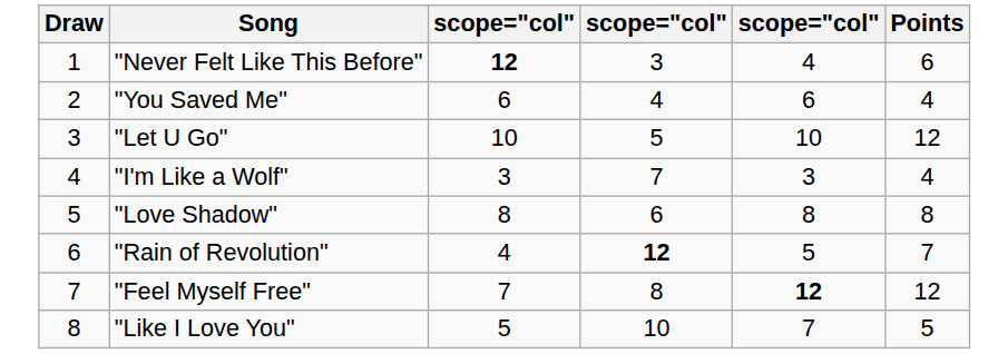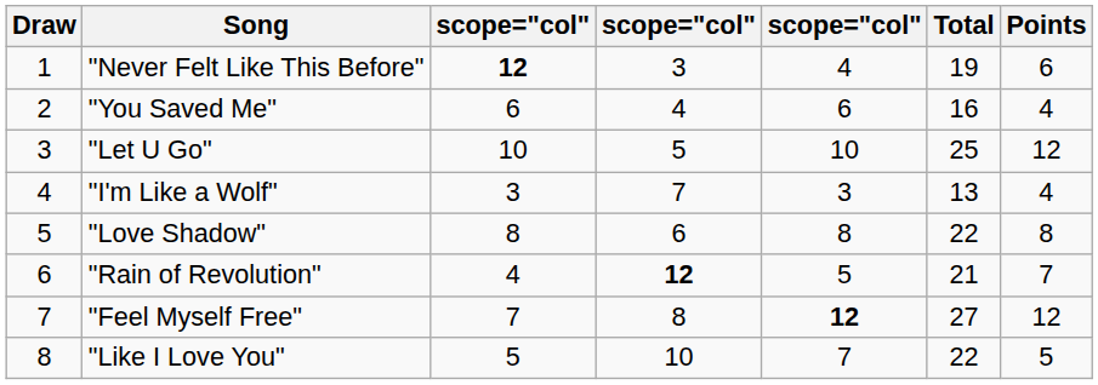 <table class="wikitable collapsible" style="margin: 1em auto 1em auto; text-align:center">
 <tr>
 <th>Draw</th>
 <th>Song</th>
 <th>scope="col" </th>
 <th>scope="col" </th>
 <th>scope="col" </th>
+<th>Total</th>
 <th>Points</th>
 </tr>
 <tr>
 <td>1</td>
 <td align="left">"Never Felt Like This Before"</td>
 <td><strong>12</strong></td>
 <td>3</td>
 <td>4</td>
+<td>19</td>
 <td>6</td>
 </tr>
 <tr>
 <td>2</td>
 <td align="left">"You Saved Me"</td>
 <td>6</td>
 <td>4</td>
 <td>6</td>
+<td>16</td>
 <td>4</td>
 </tr>
 <tr>
 <td>3</td>
 <td align="left">"Let U Go"</td>
 <td>10</td>
 <td>5</td>
 <td>10</td>
+<td>25</td>
 <td>12</td>
 </tr>
 <tr>
 <td>4</td>
 <td align="left">"I'm Like a Wolf"</td>
 <td>3</td>
 <td>7</td>
 <td>3</td>
+<td>13</td>
 <td>4</td>
 </tr>
 <tr>
 <td>5</td>
 <td align="left">"Love Shadow"</td>
 <td>8</td>
 <td>6</td>
 <td>8</td>
+<td>22</td>
 <td>8</td>
 </tr>
 <tr>
 <td>6</td>
 <td align="left">"Rain of Revolution"</td>
 <td>4</td>
 <td><strong>12</strong></td>
 <td>5</td>
+<td>21</td>
 <td>7</td>
 </tr>
 <tr>
 <td>7</td>
 <td align="left">"Feel Myself Free"</td>
 <td>7</td>
 <td>8</td>
 <td><strong>12</strong></td>
+<td>27</td>
 <td>12</td>
 </tr>
 <tr>
 <td>8</td>
 <td align="left">"Like I Love You"</td>
 <td>5</td>
 <td>10</td>
 <td>7</td>
+<td>22</td>
 <td>5</td>
 </tr>
 </table>
